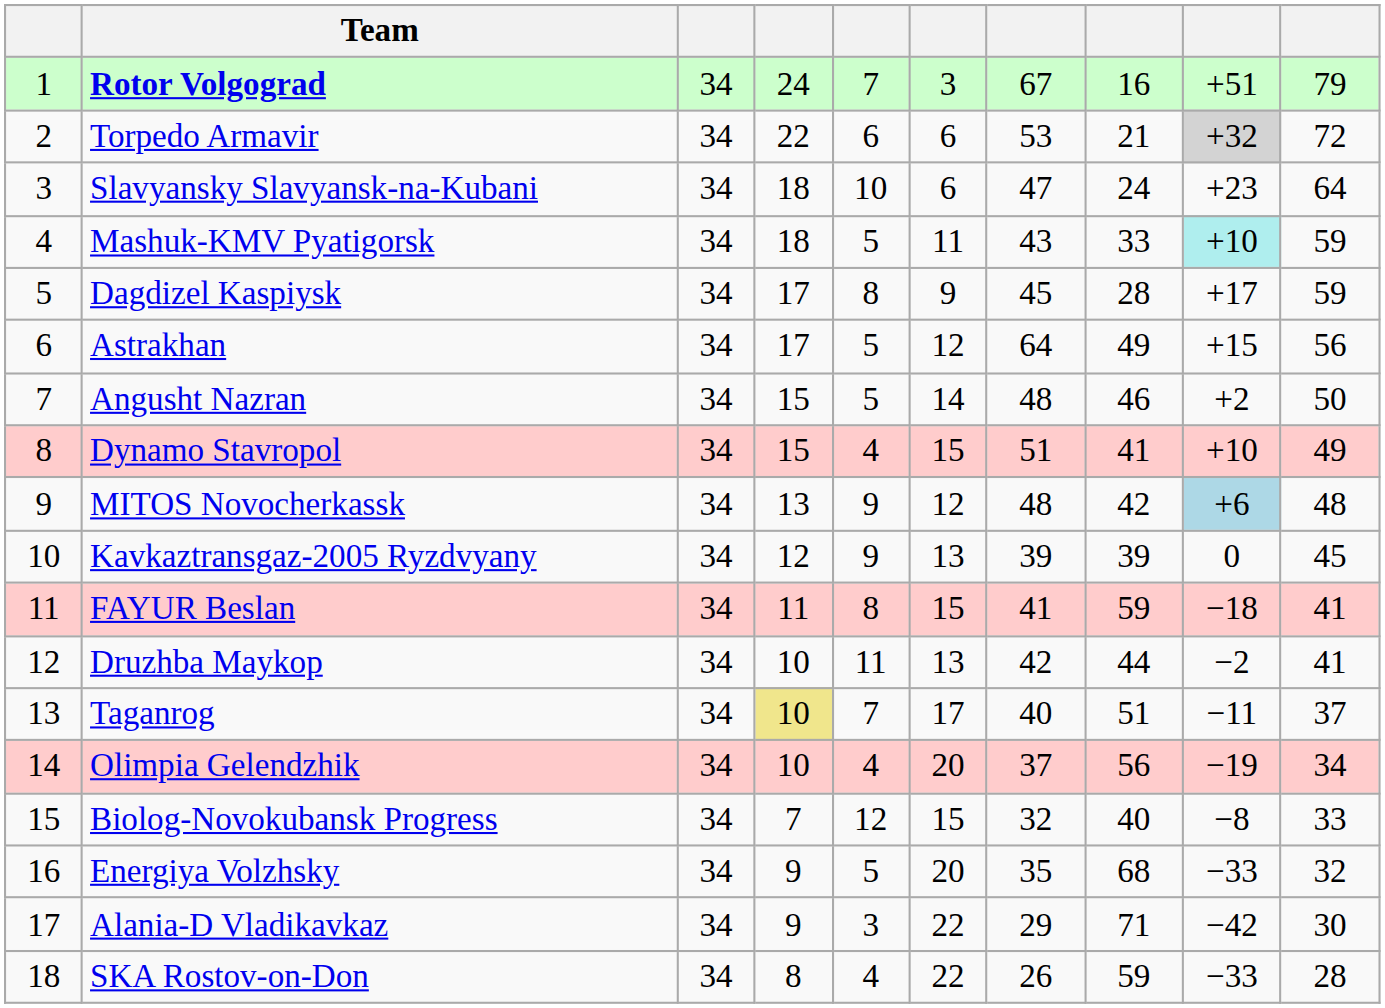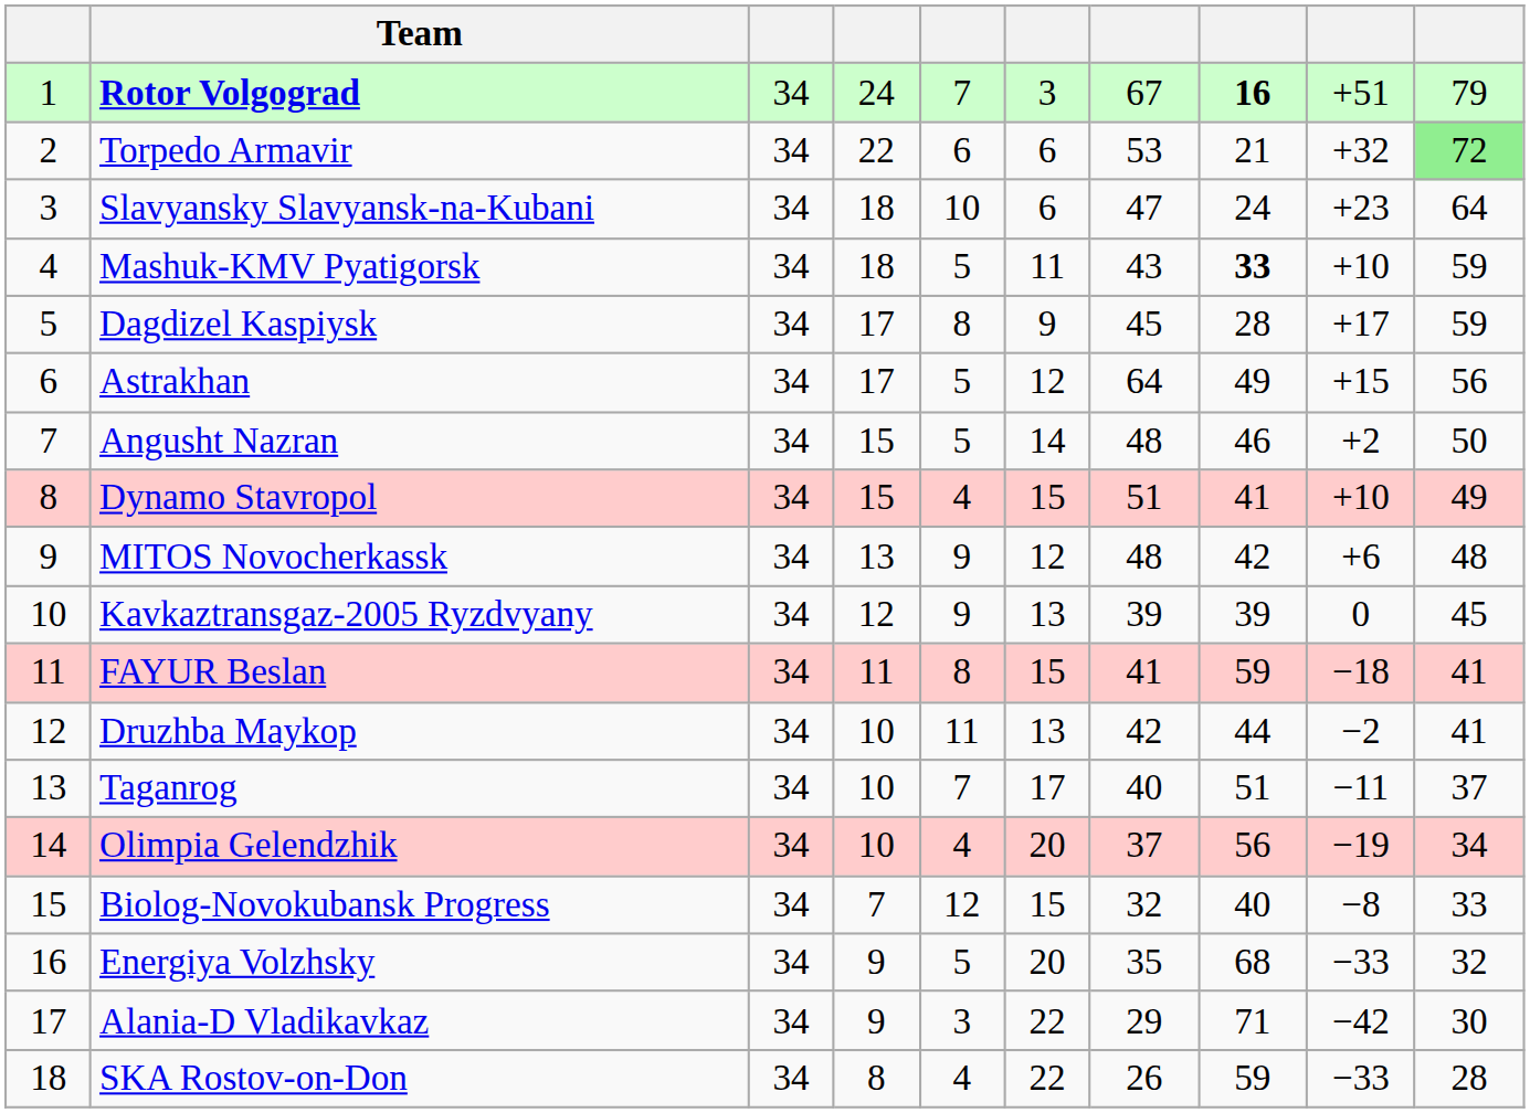 <table class="wikitable" style="text-align:center">
 <tr>
 <th width=30></th>
 <th width=280>Team</th>
 <th width=30></th>
 <th width=30></th>
 <th width=30></th>
 <th width=30></th>
 <th width=40></th>
 <th width=40></th>
 <th width=40></th>
 <th width=40></th>
 </tr>
 <tr bgcolor=CCFFCC>
 <td>1</td>
 <td align=left><strong><a href='#'>Rotor Volgograd</a></strong></td>
 <td>34</td>
 <td>24</td>
 <td>7</td>
 <td>3</td>
 <td>67</td>
-<td>16</td>
+<td><strong>16</strong></td>
 <td>+51</td>
 <td>79</td>
 </tr>
 <tr>
 <td>2</td>
 <td align=left><a href='#'>Torpedo Armavir</a></td>
 <td>34</td>
 <td>22</td>
 <td>6</td>
 <td>6</td>
 <td>53</td>
 <td>21</td>
-<td style="background: lightgrey;">+32</td>
-<td>72</td>
+<td>+32</td>
+<td style="background: lightgreen;">72</td>
 </tr>
 <tr>
 <td>3</td>
 <td align=left><a href='#'>Slavyansky Slavyansk-na-Kubani</a></td>
 <td>34</td>
 <td>18</td>
 <td>10</td>
 <td>6</td>
 <td>47</td>
 <td>24</td>
 <td>+23</td>
 <td>64</td>
 </tr>
 <tr>
 <td>4</td>
 <td align=left><a href='#'>Mashuk-KMV Pyatigorsk</a></td>
 <td>34</td>
 <td>18</td>
 <td>5</td>
 <td>11</td>
 <td>43</td>
-<td>33</td>
-<td style="background: paleturquoise;">+10</td>
+<td><strong>33</strong></td>
+<td>+10</td>
 <td>59</td>
 </tr>
 <tr>
 <td>5</td>
 <td align=left><a href='#'>Dagdizel Kaspiysk</a></td>
 <td>34</td>
 <td>17</td>
 <td>8</td>
 <td>9</td>
 <td>45</td>
 <td>28</td>
 <td>+17</td>
 <td>59</td>
 </tr>
 <tr>
 <td>6</td>
 <td align=left><a href='#'>Astrakhan</a></td>
 <td>34</td>
 <td>17</td>
 <td>5</td>
 <td>12</td>
 <td>64</td>
 <td>49</td>
 <td>+15</td>
 <td>56</td>
 </tr>
 <tr>
 <td>7</td>
 <td align=left><a href='#'>Angusht Nazran</a></td>
 <td>34</td>
 <td>15</td>
 <td>5</td>
 <td>14</td>
 <td>48</td>
 <td>46</td>
 <td>+2</td>
 <td>50</td>
 </tr>
 <tr bgcolor=FFCCCC>
 <td>8</td>
 <td align=left><a href='#'>Dynamo Stavropol</a></td>
 <td>34</td>
 <td>15</td>
 <td>4</td>
 <td>15</td>
 <td>51</td>
 <td>41</td>
 <td>+10</td>
 <td>49</td>
 </tr>
 <tr>
 <td>9</td>
 <td align=left><a href='#'>MITOS Novocherkassk</a></td>
 <td>34</td>
 <td>13</td>
 <td>9</td>
 <td>12</td>
 <td>48</td>
 <td>42</td>
-<td style="background: lightblue;">+6</td>
+<td>+6</td>
 <td>48</td>
 </tr>
 <tr>
 <td>10</td>
 <td align=left><a href='#'>Kavkaztransgaz-2005 Ryzdvyany</a></td>
 <td>34</td>
 <td>12</td>
 <td>9</td>
 <td>13</td>
 <td>39</td>
 <td>39</td>
 <td>0</td>
 <td>45</td>
 </tr>
 <tr bgcolor=FFCCCC>
 <td>11</td>
 <td align=left><a href='#'>FAYUR Beslan</a></td>
 <td>34</td>
 <td>11</td>
 <td>8</td>
 <td>15</td>
 <td>41</td>
 <td>59</td>
 <td>−18</td>
 <td>41</td>
 </tr>
 <tr>
 <td>12</td>
 <td align=left><a href='#'>Druzhba Maykop</a></td>
 <td>34</td>
 <td>10</td>
 <td>11</td>
 <td>13</td>
 <td>42</td>
 <td>44</td>
 <td>−2</td>
 <td>41</td>
 </tr>
 <tr>
 <td>13</td>
 <td align=left><a href='#'>Taganrog</a></td>
 <td>34</td>
-<td style="background: khaki;">10</td>
+<td>10</td>
 <td>7</td>
 <td>17</td>
 <td>40</td>
 <td>51</td>
 <td>−11</td>
 <td>37</td>
 </tr>
 <tr bgcolor=FFCCCC>
 <td>14</td>
 <td align=left><a href='#'>Olimpia Gelendzhik</a></td>
 <td>34</td>
 <td>10</td>
 <td>4</td>
 <td>20</td>
 <td>37</td>
 <td>56</td>
 <td>−19</td>
 <td>34</td>
 </tr>
 <tr>
 <td>15</td>
 <td align=left><a href='#'>Biolog-Novokubansk Progress</a></td>
 <td>34</td>
 <td>7</td>
 <td>12</td>
 <td>15</td>
 <td>32</td>
 <td>40</td>
 <td>−8</td>
 <td>33</td>
 </tr>
 <tr>
 <td>16</td>
 <td align=left><a href='#'>Energiya Volzhsky</a></td>
 <td>34</td>
 <td>9</td>
 <td>5</td>
 <td>20</td>
 <td>35</td>
 <td>68</td>
 <td>−33</td>
 <td>32</td>
 </tr>
 <tr>
 <td>17</td>
 <td align=left><a href='#'>Alania-D Vladikavkaz</a></td>
 <td>34</td>
 <td>9</td>
 <td>3</td>
 <td>22</td>
 <td>29</td>
 <td>71</td>
 <td>−42</td>
 <td>30</td>
 </tr>
 <tr>
 <td>18</td>
 <td align=left><a href='#'>SKA Rostov-on-Don</a></td>
 <td>34</td>
 <td>8</td>
 <td>4</td>
 <td>22</td>
 <td>26</td>
 <td>59</td>
 <td>−33</td>
 <td>28</td>
 </tr>
 </table>
